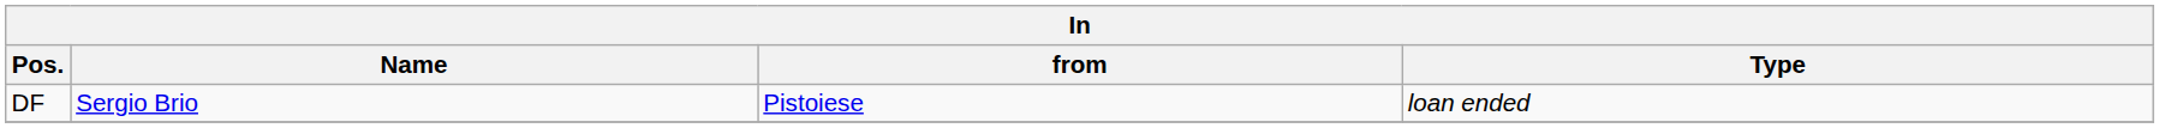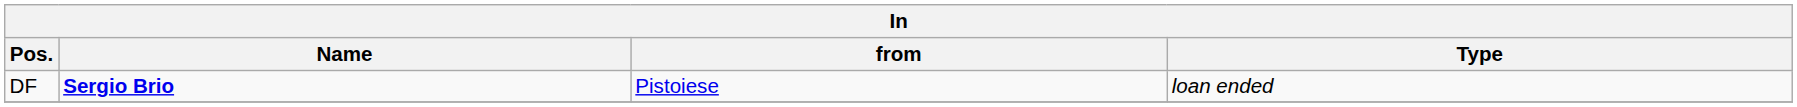 <table class="wikitable" style="font-size:90%;width:99%;">
 <tr>
 <th colspan="4">In</th>
 </tr>
 <tr>
 <th width=3%>Pos.</th>
 <th width=32%>Name</th>
 <th width=30%>from</th>
 <th width=35%>Type</th>
 </tr>
 <tr>
 <td>DF</td>
-<td><a href='#'>Sergio Brio</a></td>
+<td><strong><a href='#'>Sergio Brio</a></strong></td>
 <td><a href='#'>Pistoiese</a></td>
 <td><em>loan ended</em></td>
 </tr>
 <tr>
 </tr>
 </table>
